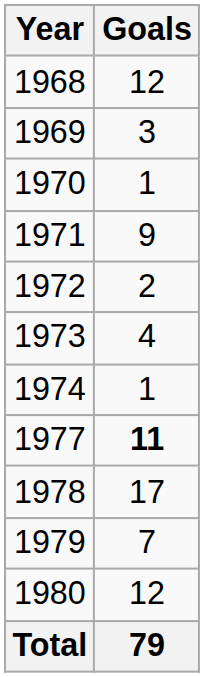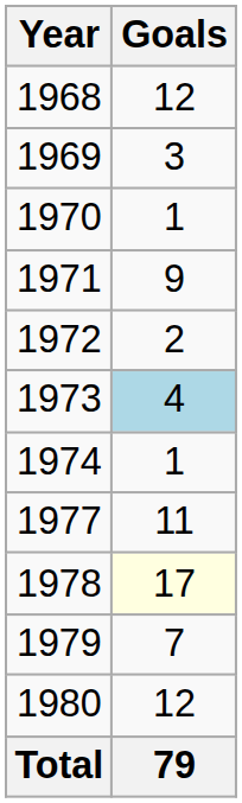 <table class="wikitable sortable" style="text-align:center">
 <tr>
 <th scope=col>Year</th>
 <th scope=col>Goals</th>
 </tr>
 <tr>
 <td>1968</td>
 <td>12</td>
 </tr>
 <tr>
 <td>1969</td>
 <td>3</td>
 </tr>
 <tr>
 <td>1970</td>
 <td>1</td>
 </tr>
 <tr>
 <td>1971</td>
 <td>9</td>
 </tr>
 <tr>
 <td>1972</td>
 <td>2</td>
 </tr>
 <tr>
 <td>1973</td>
-<td>4</td>
+<td style="background: lightblue;">4</td>
 </tr>
 <tr>
 <td>1974</td>
 <td>1</td>
 </tr>
 <tr>
 <td>1977</td>
-<td><strong>11</strong></td>
+<td>11</td>
 </tr>
 <tr>
 <td>1978</td>
-<td>17</td>
+<td style="background: lightyellow;">17</td>
 </tr>
 <tr>
 <td>1979</td>
 <td>7</td>
 </tr>
 <tr>
 <td>1980</td>
 <td>12</td>
 </tr>
 <tr>
 <th>Total</th>
 <th>79</th>
 </tr>
 </table>
